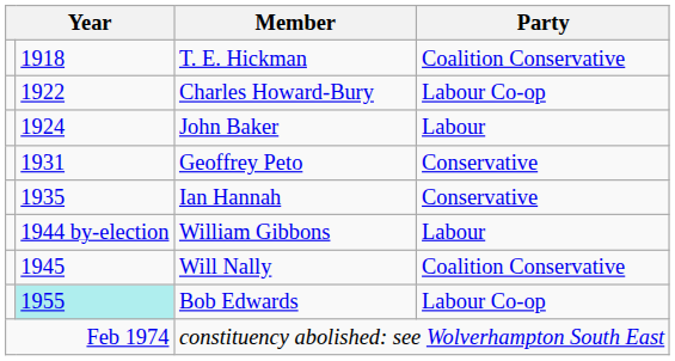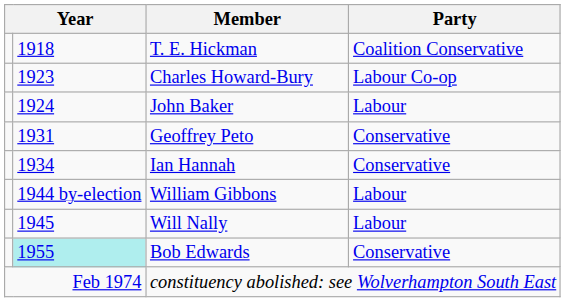 <table class="wikitable">
 <tr>
 <th colspan="2">Year</th>
 <th>Member</th>
 <th>Party</th>
 </tr>
 <tr>
 <td style="color:inherit;background-color: "></td>
 <td><a href='#'>1918</a></td>
 <td><a href='#'>T. E. Hickman</a></td>
 <td><a href='#'>Coalition Conservative</a></td>
 </tr>
 <tr>
 <td style="color:inherit;background-color: "></td>
-<td><a href='#'>1922</a></td>
+<td><a href='#'>1923</a></td>
 <td><a href='#'>Charles Howard-Bury</a></td>
 <td><a href='#'>Labour Co-op</a></td>
 </tr>
 <tr>
 <td style="color:inherit;background-color: "></td>
 <td><a href='#'>1924</a></td>
 <td><a href='#'>John Baker</a></td>
 <td><a href='#'>Labour</a></td>
 </tr>
 <tr>
 <td style="color:inherit;background-color: "></td>
 <td><a href='#'>1931</a></td>
 <td><a href='#'>Geoffrey Peto</a></td>
 <td><a href='#'>Conservative</a></td>
 </tr>
 <tr>
 <td style="color:inherit;background-color: "></td>
-<td><a href='#'>1935</a></td>
+<td><a href='#'>1934</a></td>
 <td><a href='#'>Ian Hannah</a></td>
 <td><a href='#'>Conservative</a></td>
 </tr>
 <tr>
 <td style="color:inherit;background-color: "></td>
 <td><a href='#'>1944 by-election</a></td>
 <td><a href='#'>William Gibbons</a></td>
 <td><a href='#'>Labour</a></td>
 </tr>
 <tr>
 <td style="color:inherit;background-color: "></td>
 <td><a href='#'>1945</a></td>
 <td><a href='#'>Will Nally</a></td>
-<td><a href='#'>Coalition Conservative</a></td>
+<td><a href='#'>Labour</a></td>
 </tr>
 <tr>
 <td style="color:inherit;background-color: "></td>
 <td style="background: paleturquoise;"><a href='#'>1955</a></td>
 <td><a href='#'>Bob Edwards</a></td>
-<td><a href='#'>Labour Co-op</a></td>
+<td><a href='#'>Conservative</a></td>
 </tr>
 <tr>
 <td colspan="2" align="right"><a href='#'>Feb 1974</a></td>
 <td colspan="2"><em>constituency abolished: see <a href='#'>Wolverhampton South East</a></em></td>
 </tr>
 </table>
